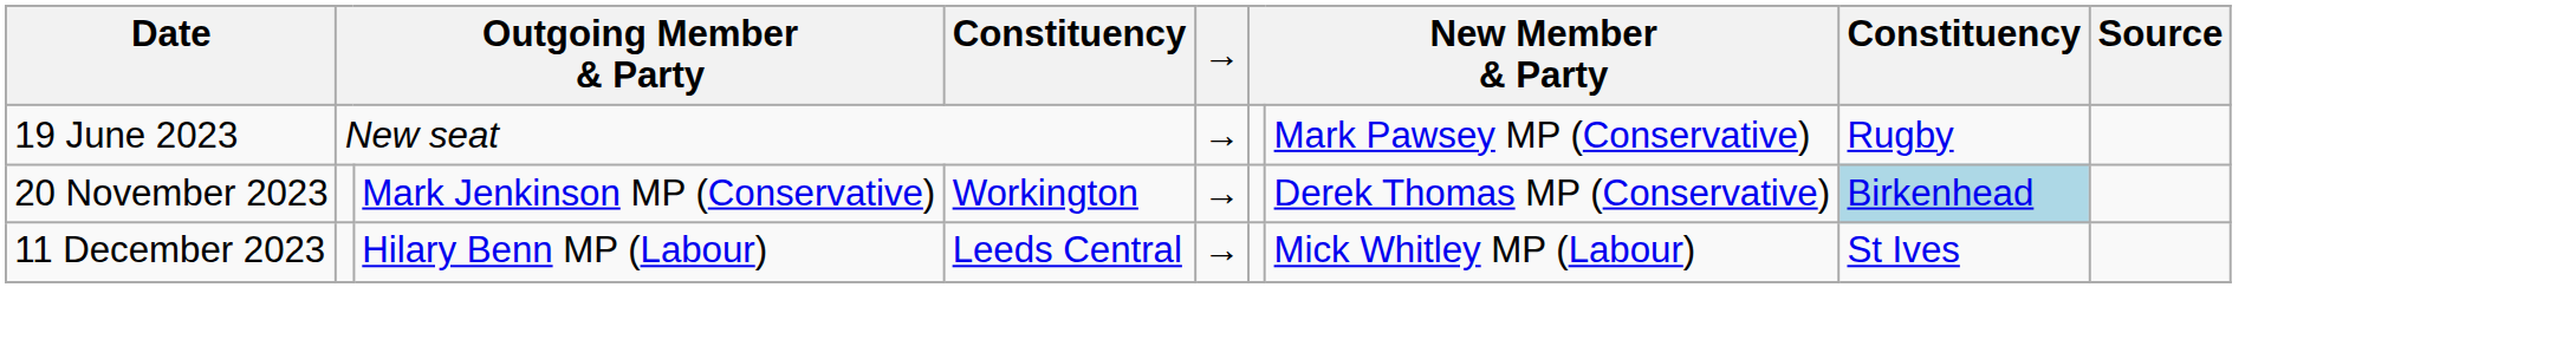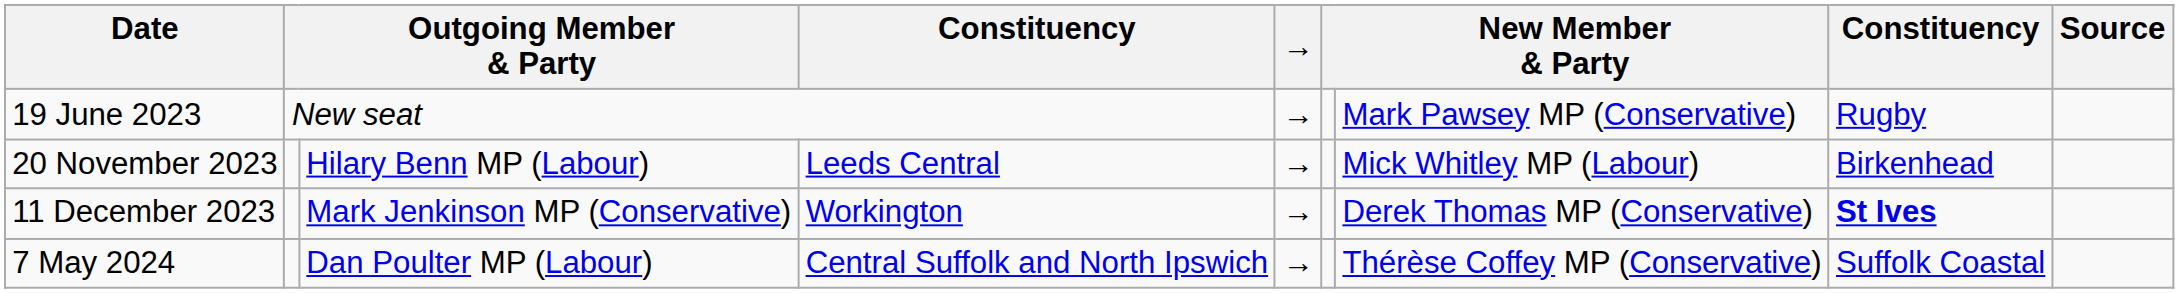 <table class="wikitable">
 <tr>
 <th valign="top">Date</th>
 <th colspan="2" valign="top">Outgoing Member<br>& Party</th>
 <th valign="top">Constituency</th>
 <th>→</th>
 <th colspan="2" valign="top">New Member<br>& Party</th>
 <th valign="top">Constituency</th>
 <th valign="top">Source</th>
 </tr>
 <tr>
 <td>19 June 2023</td>
 <td colspan=3><em>New seat</em></td>
 <td>→</td>
 <td style="color:inherit;background:"></td>
 <td><a href='#'>Mark Pawsey</a> MP (<a href='#'>Conservative</a>)</td>
 <td><a href='#'>Rugby</a></td>
 <td></td>
 </tr>
 <tr>
 <td>20 November 2023</td>
 <td style="color:inherit;background:"></td>
+<td><a href='#'>Hilary Benn</a> MP (<a href='#'>Labour</a>)</td>
+<td><a href='#'>Leeds Central</a></td>
+<td>→</td>
+<td style="color:inherit;background:"></td>
+<td><a href='#'>Mick Whitley</a> MP (<a href='#'>Labour</a>)</td>
+<td><a href='#'>Birkenhead</a></td>
+<td></td>
+</tr>
+<tr>
+<td>11 December 2023</td>
+<td style="color:inherit;background:"></td>
 <td><a href='#'>Mark Jenkinson</a> MP (<a href='#'>Conservative</a>)</td>
 <td><a href='#'>Workington</a></td>
 <td>→</td>
 <td style="color:inherit;background:"></td>
 <td><a href='#'>Derek Thomas</a> MP (<a href='#'>Conservative</a>)</td>
-<td style="background: lightblue;"><a href='#'>Birkenhead</a></td>
+<td><strong><a href='#'>St Ives</a></strong></td>
 <td></td>
 </tr>
 <tr>
-<td>11 December 2023</td>
+<td>7 May 2024</td>
 <td style="color:inherit;background:"></td>
-<td><a href='#'>Hilary Benn</a> MP (<a href='#'>Labour</a>)</td>
-<td><a href='#'>Leeds Central</a></td>
+<td><a href='#'>Dan Poulter</a> MP (<a href='#'>Labour</a>)</td>
+<td><a href='#'>Central Suffolk and North Ipswich</a></td>
 <td>→</td>
 <td style="color:inherit;background:"></td>
-<td><a href='#'>Mick Whitley</a> MP (<a href='#'>Labour</a>)</td>
-<td><a href='#'>St Ives</a></td>
+<td><a href='#'>Thérèse Coffey</a> MP (<a href='#'>Conservative</a>)</td>
+<td><a href='#'>Suffolk Coastal</a></td>
 <td></td>
 </tr>
 </table>
